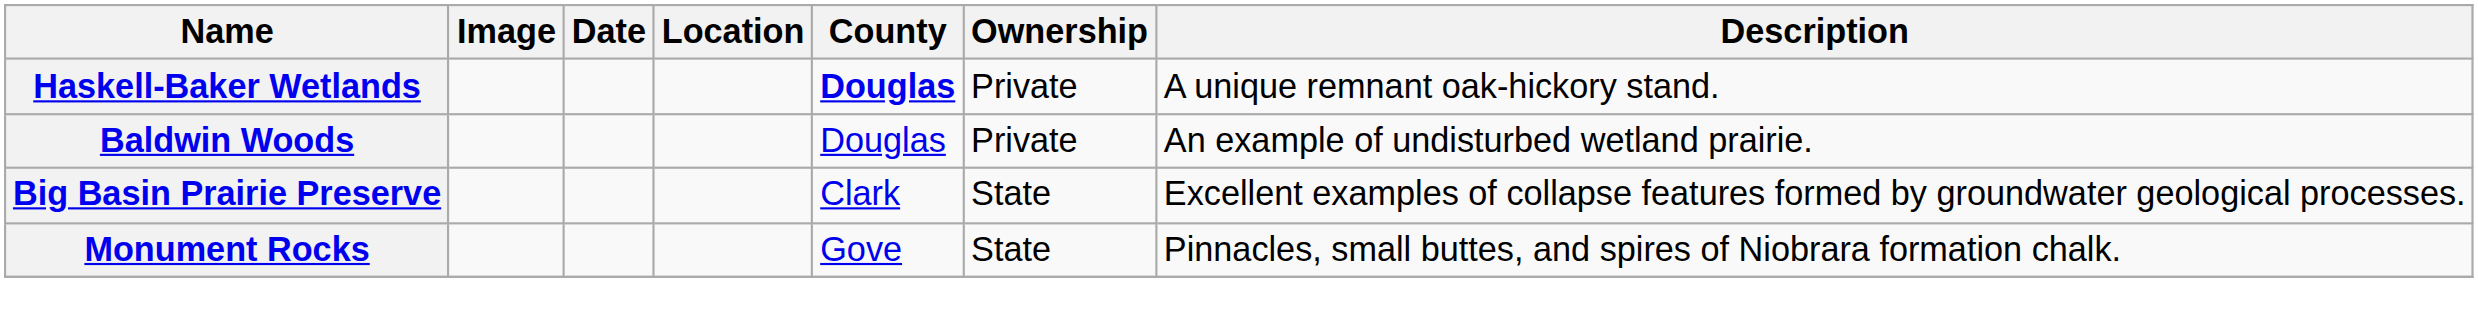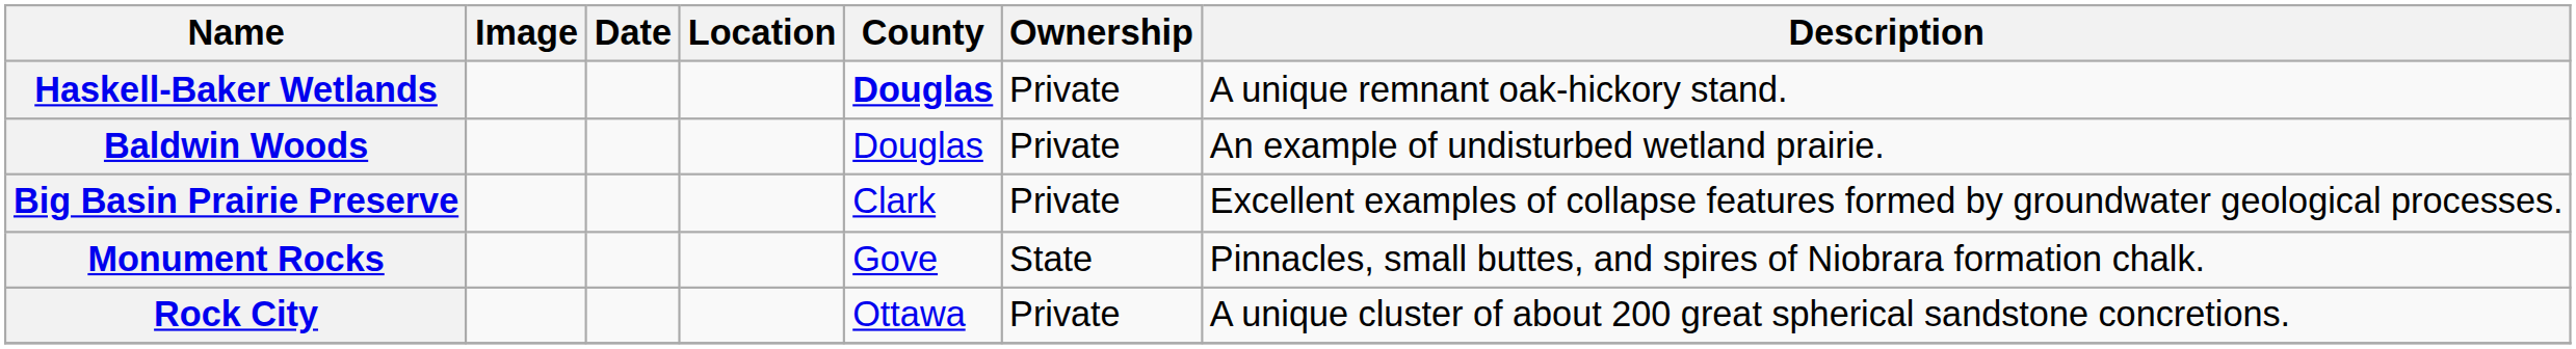 <table class="wikitable sortable" align="center">
 <tr>
 <th style="background-color:">Name</th>
 <th style="background-color:">Image</th>
 <th style="background-color:">Date</th>
 <th style="background-color:">Location</th>
 <th style="background-color:">County</th>
 <th style="background-color:">Ownership</th>
 <th style="background-color:">Description</th>
 </tr>
 <tr>
 <th><a href='#'>Haskell-Baker Wetlands</a></th>
 <td></td>
 <td></td>
 <td></td>
 <td><strong><a href='#'>Douglas</a></strong></td>
 <td>Private</td>
 <td>A unique remnant oak-hickory stand.</td>
 </tr>
 <tr>
 <th><a href='#'>Baldwin Woods</a></th>
 <td></td>
 <td></td>
 <td></td>
 <td><a href='#'>Douglas</a></td>
 <td>Private</td>
 <td>An example of undisturbed wetland prairie.</td>
 </tr>
 <tr>
 <th><a href='#'>Big Basin Prairie Preserve</a></th>
 <td></td>
 <td></td>
 <td></td>
 <td><a href='#'>Clark</a></td>
-<td>State</td>
+<td>Private</td>
 <td>Excellent examples of collapse features formed by groundwater geological processes.</td>
 </tr>
 <tr>
 <th><a href='#'>Monument Rocks</a></th>
 <td></td>
 <td></td>
 <td></td>
 <td><a href='#'>Gove</a></td>
 <td>State</td>
 <td>Pinnacles, small buttes, and spires of Niobrara formation chalk.</td>
 </tr>
 <tr>
+<th><a href='#'>Rock City</a></th>
+<td></td>
+<td></td>
+<td></td>
+<td><a href='#'>Ottawa</a></td>
+<td>Private</td>
+<td>A unique cluster of about 200 great spherical sandstone concretions.</td>
+</tr>
+<tr>
 </tr>
 </table>
